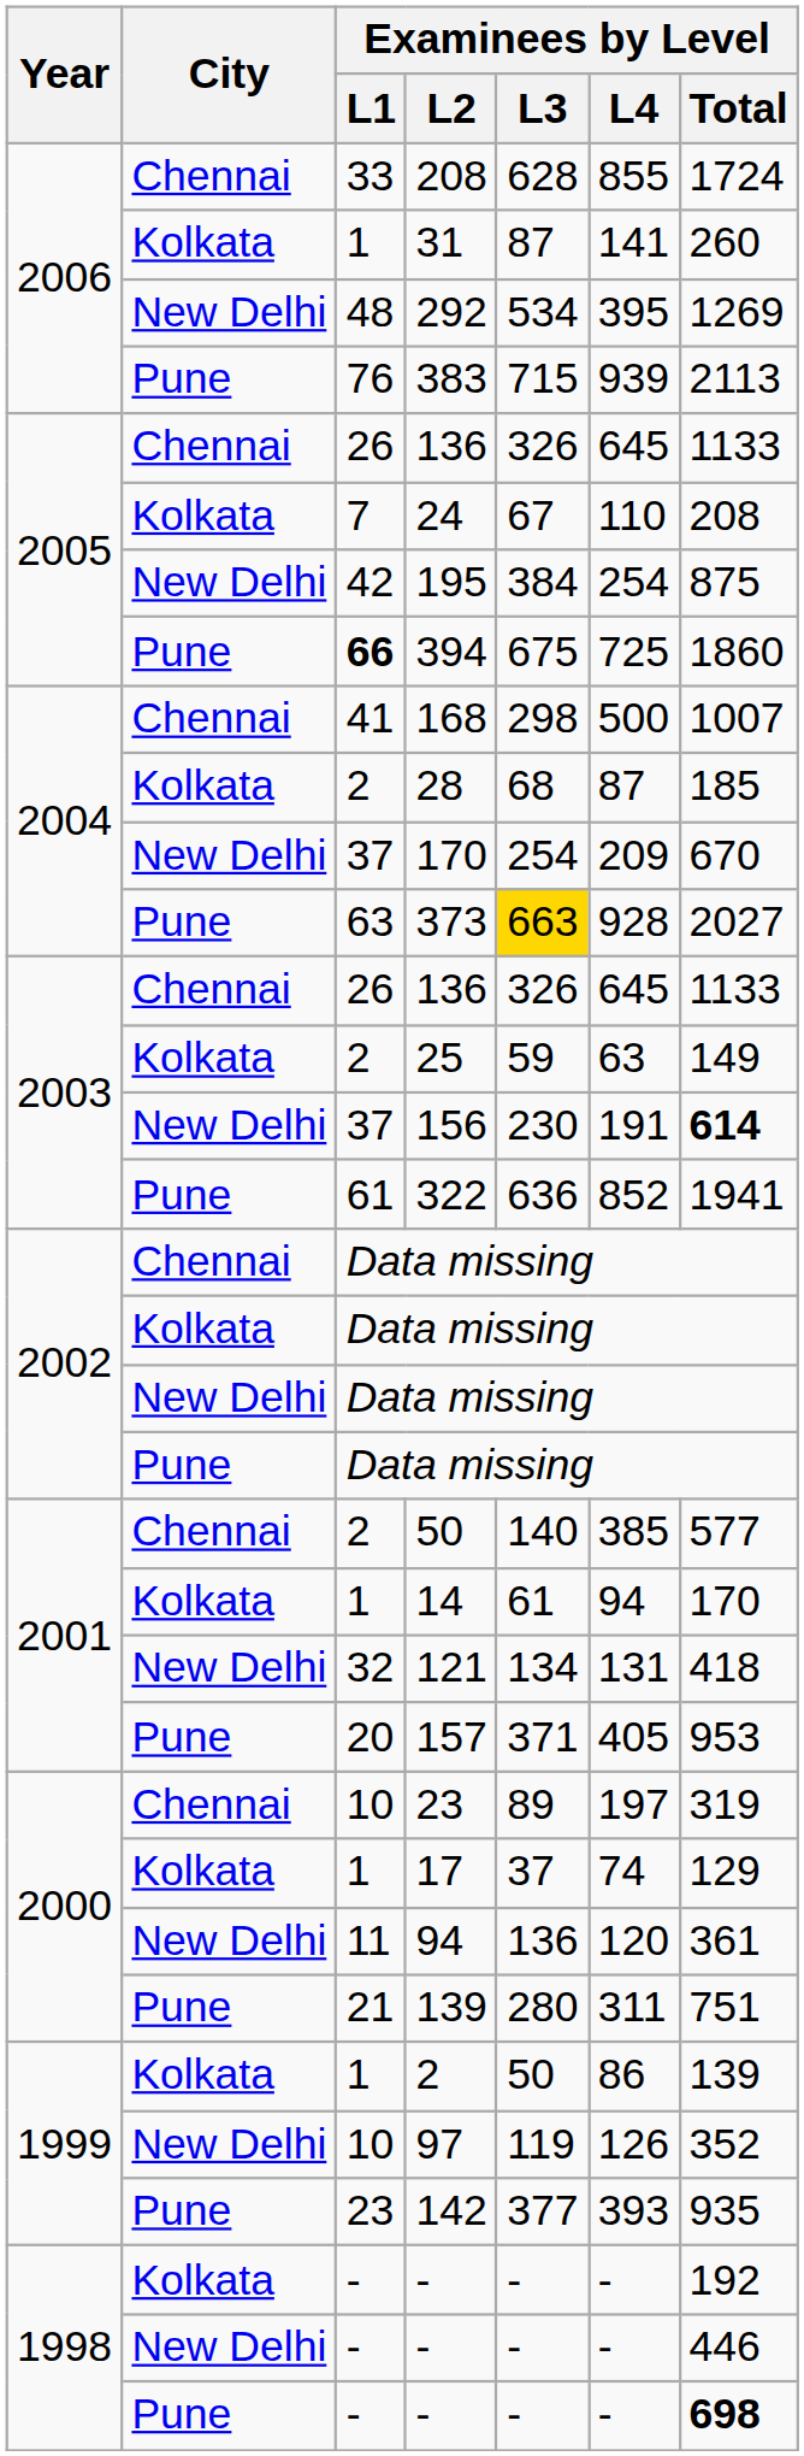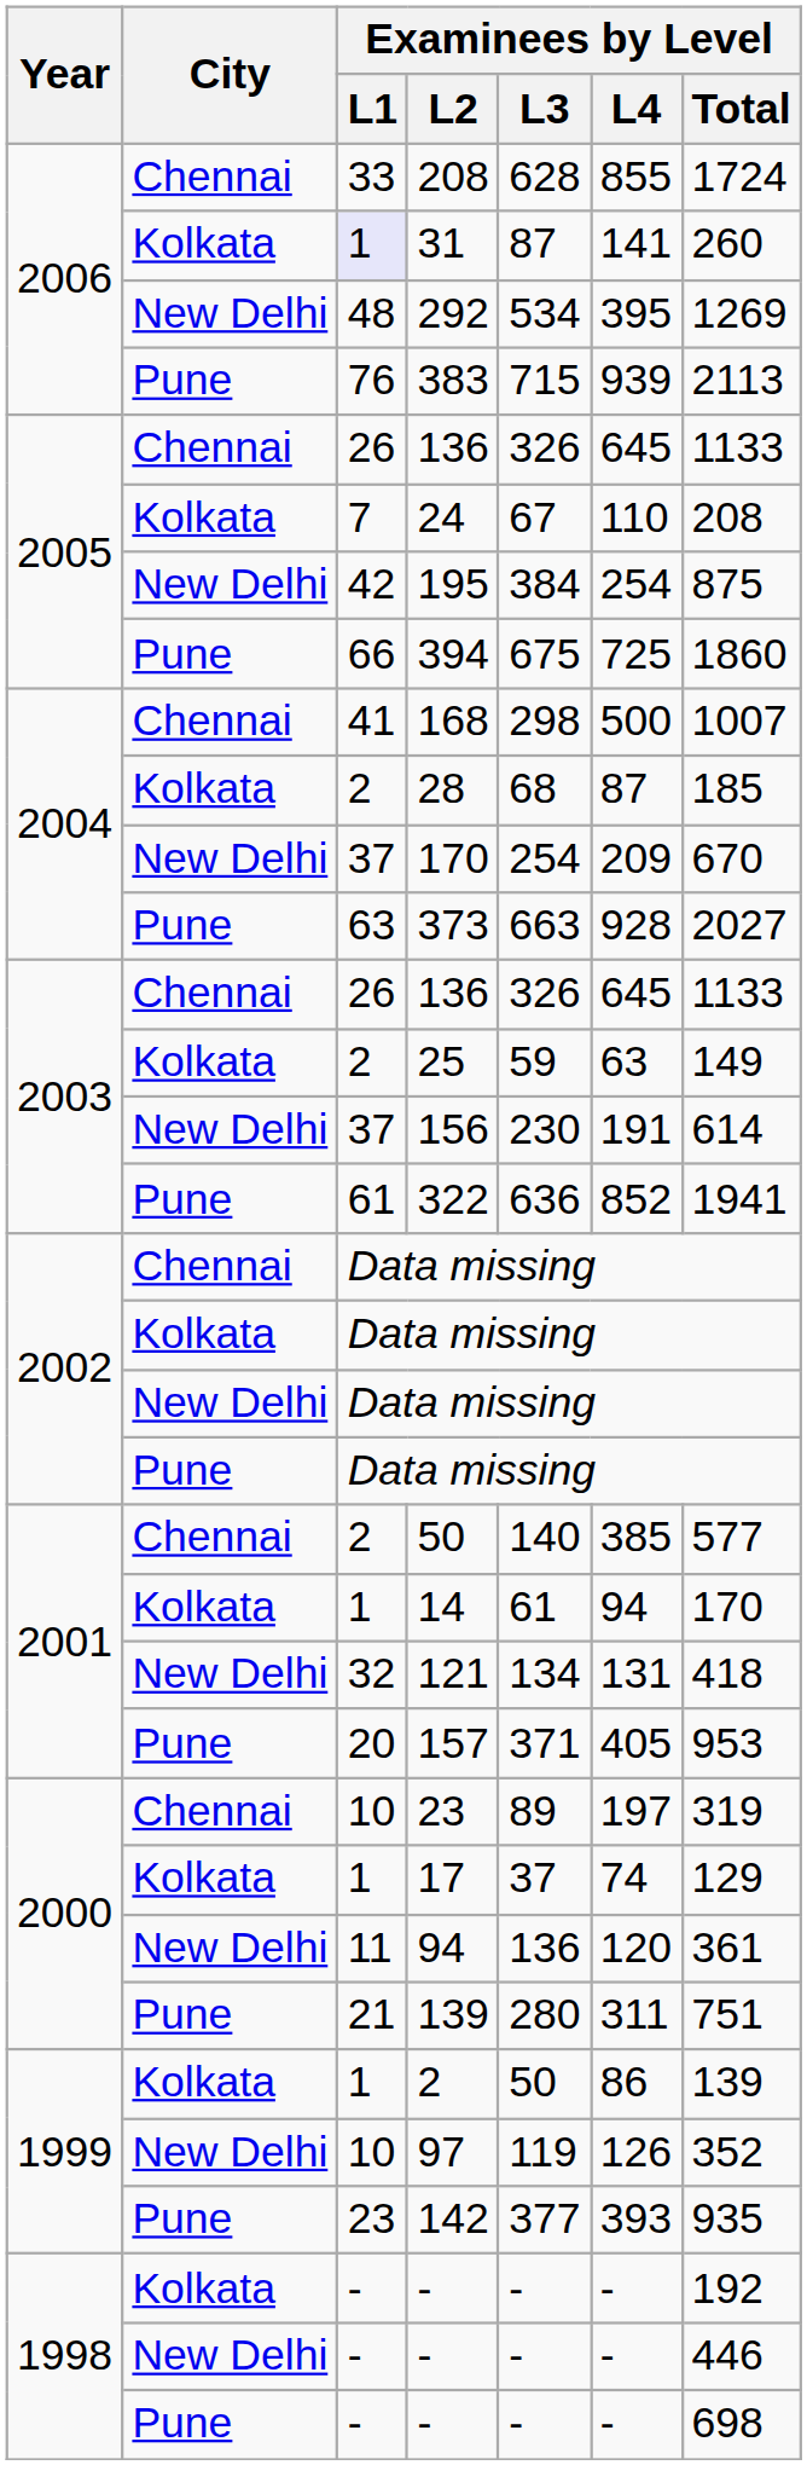 <table class="wikitable" align="right">
 <tr>
 <th rowspan=2>Year</th>
 <th rowspan=2>City</th>
 <th colspan=5>Examinees by Level</th>
 </tr>
 <tr>
 <th>L1</th>
 <th>L2</th>
 <th>L3</th>
 <th>L4</th>
 <th>Total</th>
 </tr>
 <tr>
 <td rowspan=4>2006</td>
 <td><a href='#'>Chennai</a></td>
 <td>33</td>
 <td>208</td>
 <td>628</td>
 <td>855</td>
 <td>1724</td>
 </tr>
 <tr>
 <td><a href='#'>Kolkata</a></td>
-<td>1</td>
+<td style="background: lavender;">1</td>
 <td>31</td>
 <td>87</td>
 <td>141</td>
 <td>260</td>
 </tr>
 <tr>
 <td><a href='#'>New Delhi</a></td>
 <td>48</td>
 <td>292</td>
 <td>534</td>
 <td>395</td>
 <td>1269</td>
 </tr>
 <tr>
 <td><a href='#'>Pune</a></td>
 <td>76</td>
 <td>383</td>
 <td>715</td>
 <td>939</td>
 <td>2113</td>
 </tr>
 <tr>
 <td rowspan=4>2005</td>
 <td><a href='#'>Chennai</a></td>
 <td>26</td>
 <td>136</td>
 <td>326</td>
 <td>645</td>
 <td>1133</td>
 </tr>
 <tr>
 <td><a href='#'>Kolkata</a></td>
 <td>7</td>
 <td>24</td>
 <td>67</td>
 <td>110</td>
 <td>208</td>
 </tr>
 <tr>
 <td><a href='#'>New Delhi</a></td>
 <td>42</td>
 <td>195</td>
 <td>384</td>
 <td>254</td>
 <td>875</td>
 </tr>
 <tr>
 <td><a href='#'>Pune</a></td>
-<td><strong>66</strong></td>
+<td>66</td>
 <td>394</td>
 <td>675</td>
 <td>725</td>
 <td>1860</td>
 </tr>
 <tr>
 <td rowspan=4>2004</td>
 <td><a href='#'>Chennai</a></td>
 <td>41</td>
 <td>168</td>
 <td>298</td>
 <td>500</td>
 <td>1007</td>
 </tr>
 <tr>
 <td><a href='#'>Kolkata</a></td>
 <td>2</td>
 <td>28</td>
 <td>68</td>
 <td>87</td>
 <td>185</td>
 </tr>
 <tr>
 <td><a href='#'>New Delhi</a></td>
 <td>37</td>
 <td>170</td>
 <td>254</td>
 <td>209</td>
 <td>670</td>
 </tr>
 <tr>
 <td><a href='#'>Pune</a></td>
 <td>63</td>
 <td>373</td>
-<td style="background: gold;">663</td>
+<td>663</td>
 <td>928</td>
 <td>2027</td>
 </tr>
 <tr>
 <td rowspan=4>2003</td>
 <td><a href='#'>Chennai</a></td>
 <td>26</td>
 <td>136</td>
 <td>326</td>
 <td>645</td>
 <td>1133</td>
 </tr>
 <tr>
 <td><a href='#'>Kolkata</a></td>
 <td>2</td>
 <td>25</td>
 <td>59</td>
 <td>63</td>
 <td>149</td>
 </tr>
 <tr>
 <td><a href='#'>New Delhi</a></td>
 <td>37</td>
 <td>156</td>
 <td>230</td>
 <td>191</td>
-<td><strong>614</strong></td>
+<td>614</td>
 </tr>
 <tr>
 <td><a href='#'>Pune</a></td>
 <td>61</td>
 <td>322</td>
 <td>636</td>
 <td>852</td>
 <td>1941</td>
 </tr>
 <tr>
 <td rowspan=4>2002</td>
 <td><a href='#'>Chennai</a></td>
 <td colspan=5><em>Data missing</em></td>
 </tr>
 <tr>
 <td><a href='#'>Kolkata</a></td>
 <td colspan=5><em>Data missing</em></td>
 </tr>
 <tr>
 <td><a href='#'>New Delhi</a></td>
 <td colspan=5><em>Data missing</em></td>
 </tr>
 <tr>
 <td><a href='#'>Pune</a></td>
 <td colspan=5><em>Data missing</em></td>
 </tr>
 <tr>
 <td rowspan=4>2001</td>
 <td><a href='#'>Chennai</a></td>
 <td>2</td>
 <td>50</td>
 <td>140</td>
 <td>385</td>
 <td>577</td>
 </tr>
 <tr>
 <td><a href='#'>Kolkata</a></td>
 <td>1</td>
 <td>14</td>
 <td>61</td>
 <td>94</td>
 <td>170</td>
 </tr>
 <tr>
 <td><a href='#'>New Delhi</a></td>
 <td>32</td>
 <td>121</td>
 <td>134</td>
 <td>131</td>
 <td>418</td>
 </tr>
 <tr>
 <td><a href='#'>Pune</a></td>
 <td>20</td>
 <td>157</td>
 <td>371</td>
 <td>405</td>
 <td>953</td>
 </tr>
 <tr>
 <td rowspan=4>2000</td>
 <td><a href='#'>Chennai</a></td>
 <td>10</td>
 <td>23</td>
 <td>89</td>
 <td>197</td>
 <td>319</td>
 </tr>
 <tr>
 <td><a href='#'>Kolkata</a></td>
 <td>1</td>
 <td>17</td>
 <td>37</td>
 <td>74</td>
 <td>129</td>
 </tr>
 <tr>
 <td><a href='#'>New Delhi</a></td>
 <td>11</td>
 <td>94</td>
 <td>136</td>
 <td>120</td>
 <td>361</td>
 </tr>
 <tr>
 <td><a href='#'>Pune</a></td>
 <td>21</td>
 <td>139</td>
 <td>280</td>
 <td>311</td>
 <td>751</td>
 </tr>
 <tr>
 <td rowspan=3>1999</td>
 <td><a href='#'>Kolkata</a></td>
 <td>1</td>
 <td>2</td>
 <td>50</td>
 <td>86</td>
 <td>139</td>
 </tr>
 <tr>
 <td><a href='#'>New Delhi</a></td>
 <td>10</td>
 <td>97</td>
 <td>119</td>
 <td>126</td>
 <td>352</td>
 </tr>
 <tr>
 <td><a href='#'>Pune</a></td>
 <td>23</td>
 <td>142</td>
 <td>377</td>
 <td>393</td>
 <td>935</td>
 </tr>
 <tr>
 <td rowspan=3>1998</td>
 <td><a href='#'>Kolkata</a></td>
 <td>-</td>
 <td>-</td>
 <td>-</td>
 <td>-</td>
 <td>192</td>
 </tr>
 <tr>
 <td><a href='#'>New Delhi</a></td>
 <td>-</td>
 <td>-</td>
 <td>-</td>
 <td>-</td>
 <td>446</td>
 </tr>
 <tr>
 <td><a href='#'>Pune</a></td>
 <td>-</td>
 <td>-</td>
 <td>-</td>
 <td>-</td>
-<td><strong>698</strong></td>
+<td>698</td>
 </tr>
 <tr>
 </tr>
 </table>
